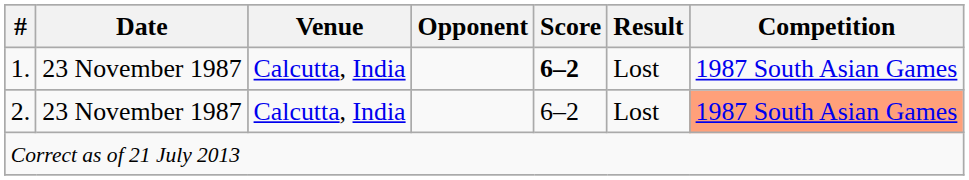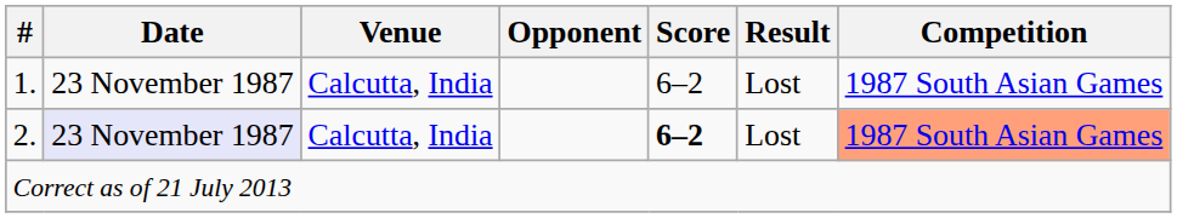 <table class="wikitable" style="font-size:95%;">
 <tr>
 <th>#</th>
 <th>Date</th>
 <th>Venue</th>
 <th>Opponent</th>
 <th>Score</th>
 <th>Result</th>
 <th>Competition</th>
 </tr>
 <tr>
 <td>1.</td>
 <td>23 November 1987</td>
 <td><a href='#'>Calcutta</a>, <a href='#'>India</a></td>
 <td></td>
-<td><strong>6–2</strong></td>
+<td>6–2</td>
 <td>Lost</td>
 <td><a href='#'>1987 South Asian Games</a></td>
 </tr>
 <tr>
 <td>2.</td>
-<td>23 November 1987</td>
+<td style="background: lavender;">23 November 1987</td>
 <td><a href='#'>Calcutta</a>, <a href='#'>India</a></td>
 <td></td>
-<td>6–2</td>
+<td><strong>6–2</strong></td>
 <td>Lost</td>
 <td style="background: lightsalmon;"><a href='#'>1987 South Asian Games</a></td>
 </tr>
 <tr>
 <td colspan="12"><small><em>Correct as of 21 July 2013</em></small></td>
 </tr>
 </table>
